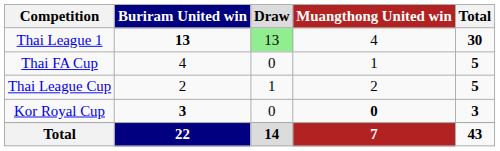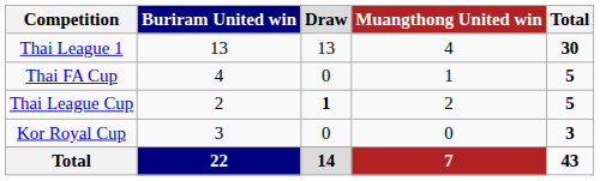 <table class="sortable wikitable plainrowheaders" style="text-align:center">
 <tr>
 <th scope=col>Competition</th>
 <th style="text-align:center; color:white; background:navy;">Buriram United win</th>
 <th style="text-align:center; background:#dcdcdc;">Draw</th>
 <th style="text-align:center; color:white; background:firebrick;">Muangthong United win</th>
 <th scope=col>Total</th>
 </tr>
 <tr>
 <td><a href='#'>Thai League 1</a></td>
-<td><strong>13</strong></td>
-<td style="background: lightgreen;">13</td>
+<td>13</td>
+<td>13</td>
 <td>4</td>
 <td><strong>30</strong></td>
 </tr>
 <tr>
 <td><a href='#'>Thai FA Cup</a></td>
 <td>4</td>
 <td>0</td>
 <td>1</td>
 <td><strong>5</strong></td>
 </tr>
 <tr>
 <td><a href='#'>Thai League Cup</a></td>
 <td>2</td>
-<td>1</td>
+<td><strong>1</strong></td>
 <td>2</td>
 <td><strong>5</strong></td>
 </tr>
 <tr>
 <td><a href='#'>Kor Royal Cup</a></td>
-<td><strong>3</strong></td>
+<td>3</td>
 <td>0</td>
-<td><strong>0</strong></td>
+<td>0</td>
 <td><strong>3</strong></td>
 </tr>
 <tr>
 </tr>
 <tr class="sortbottom">
 <th scope=row><strong>Total</strong></th>
 <td style="text-align:center; color:#fff; background:navy;"><strong>22</strong></td>
 <td style="text-align:center; background:#dcdcdc;"><strong>14</strong></td>
 <td style="text-align:center; color:#fff; background:firebrick;"><strong>7</strong></td>
 <td><strong>43</strong></td>
 </tr>
 </table>
